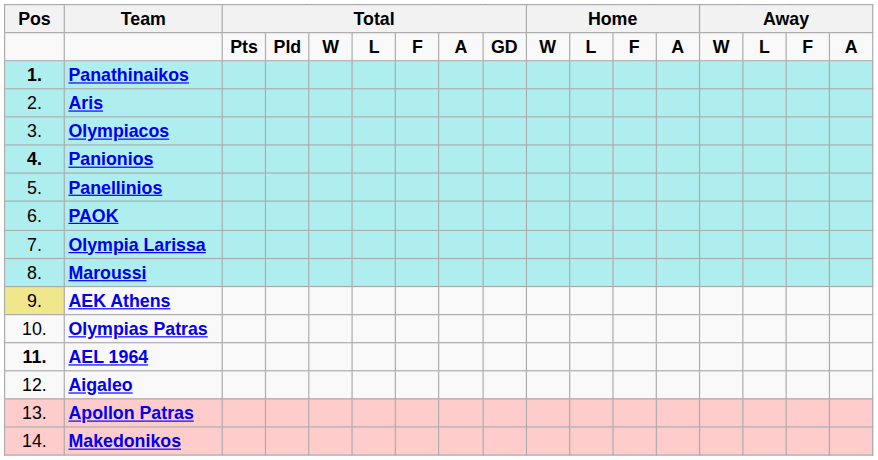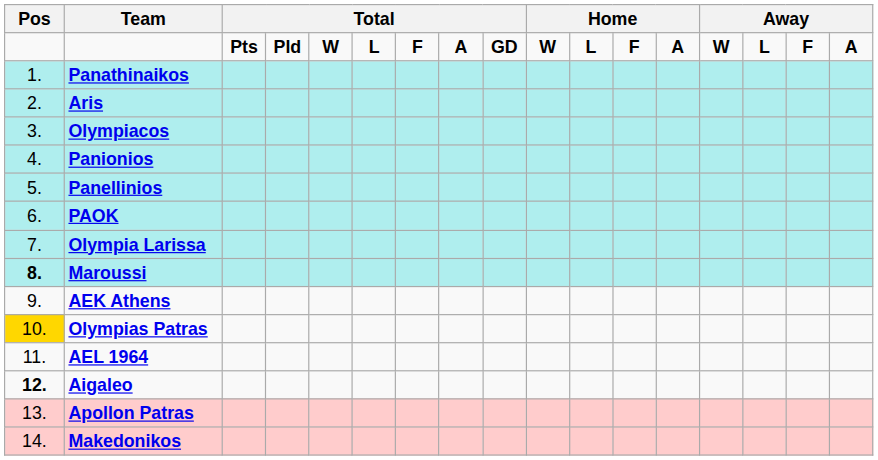 <table class="wikitable" style="text-align: center; font-size:95%">
 <tr>
 <th width="44">Pos</th>
 <th width="128">Team</th>
 <th colspan=7>Total</th>
 <th colspan=4>Home</th>
 <th colspan=4>Away</th>
 </tr>
 <tr>
 <td></td>
 <td></td>
 <td width="30"><strong>Pts</strong></td>
 <td width="30"><strong>Pld</strong></td>
 <td width="30"><strong>W</strong></td>
 <td width="30"><strong>L</strong></td>
 <td width="30"><strong>F</strong></td>
 <td width="30"><strong>A</strong></td>
 <td width="30"><strong>GD</strong></td>
 <td width="30"><strong>W</strong></td>
 <td width="30"><strong>L</strong></td>
 <td width="30"><strong>F</strong></td>
 <td width="30"><strong>A</strong></td>
 <td width="30"><strong>W</strong></td>
 <td width="30"><strong>L</strong></td>
 <td width="30"><strong>F</strong></td>
 <td width="30"><strong>A</strong></td>
 </tr>
 <tr bgcolor="afeeee">
-<td><strong>1.</strong></td>
+<td>1.</td>
 <td align="left"><strong><a href='#'>Panathinaikos</a></strong></td>
 <td></td>
 <td></td>
 <td></td>
 <td></td>
 <td></td>
 <td></td>
 <td></td>
 <td></td>
 <td></td>
 <td></td>
 <td></td>
 <td></td>
 <td></td>
 <td></td>
 <td></td>
 </tr>
 <tr bgcolor="afeeee">
 <td>2.</td>
 <td align="left"><strong><a href='#'>Aris</a></strong></td>
 <td></td>
 <td></td>
 <td></td>
 <td></td>
 <td></td>
 <td></td>
 <td></td>
 <td></td>
 <td></td>
 <td></td>
 <td></td>
 <td></td>
 <td></td>
 <td></td>
 <td></td>
 </tr>
 <tr bgcolor="afeeee">
 <td>3.</td>
 <td align="left"><strong><a href='#'>Olympiacos</a></strong></td>
 <td></td>
 <td></td>
 <td></td>
 <td></td>
 <td></td>
 <td></td>
 <td></td>
 <td></td>
 <td></td>
 <td></td>
 <td></td>
 <td></td>
 <td></td>
 <td></td>
 <td></td>
 </tr>
 <tr bgcolor="afeeee">
-<td><strong>4.</strong></td>
+<td>4.</td>
 <td align="left"><strong><a href='#'>Panionios</a></strong></td>
 <td></td>
 <td></td>
 <td></td>
 <td></td>
 <td></td>
 <td></td>
 <td></td>
 <td></td>
 <td></td>
 <td></td>
 <td></td>
 <td></td>
 <td></td>
 <td></td>
 <td></td>
 </tr>
 <tr bgcolor="afeeee">
 <td>5.</td>
 <td align="left"><strong><a href='#'>Panellinios</a></strong></td>
 <td></td>
 <td></td>
 <td></td>
 <td></td>
 <td></td>
 <td></td>
 <td></td>
 <td></td>
 <td></td>
 <td></td>
 <td></td>
 <td></td>
 <td></td>
 <td></td>
 <td></td>
 </tr>
 <tr bgcolor="afeeee">
 <td>6.</td>
 <td align="left"><strong><a href='#'>PAOK</a></strong></td>
 <td></td>
 <td></td>
 <td></td>
 <td></td>
 <td></td>
 <td></td>
 <td></td>
 <td></td>
 <td></td>
 <td></td>
 <td></td>
 <td></td>
 <td></td>
 <td></td>
 <td></td>
 </tr>
 <tr bgcolor="afeeee">
 <td>7.</td>
 <td align="left"><strong><a href='#'>Olympia Larissa</a></strong></td>
 <td></td>
 <td></td>
 <td></td>
 <td></td>
 <td></td>
 <td></td>
 <td></td>
 <td></td>
 <td></td>
 <td></td>
 <td></td>
 <td></td>
 <td></td>
 <td></td>
 <td></td>
 </tr>
 <tr bgcolor="afeeee">
-<td>8.</td>
+<td><strong>8.</strong></td>
 <td align="left"><strong><a href='#'>Maroussi</a></strong></td>
 <td></td>
 <td></td>
 <td></td>
 <td></td>
 <td></td>
 <td></td>
 <td></td>
 <td></td>
 <td></td>
 <td></td>
 <td></td>
 <td></td>
 <td></td>
 <td></td>
 <td></td>
 </tr>
 <tr>
-<td style="background: khaki;">9.</td>
+<td>9.</td>
 <td align="left"><strong><a href='#'>AEK Athens</a></strong></td>
 <td></td>
 <td></td>
 <td></td>
 <td></td>
 <td></td>
 <td></td>
 <td></td>
 <td></td>
 <td></td>
 <td></td>
 <td></td>
 <td></td>
 <td></td>
 <td></td>
 <td></td>
 </tr>
 <tr>
-<td>10.</td>
+<td style="background: gold;">10.</td>
 <td align="left"><strong><a href='#'>Olympias Patras</a></strong></td>
 <td></td>
 <td></td>
 <td></td>
 <td></td>
 <td></td>
 <td></td>
 <td></td>
 <td></td>
 <td></td>
 <td></td>
 <td></td>
 <td></td>
 <td></td>
 <td></td>
 <td></td>
 </tr>
 <tr>
-<td><strong>11.</strong></td>
+<td>11.</td>
 <td align="left"><strong><a href='#'>AEL 1964</a></strong></td>
 <td></td>
 <td></td>
 <td></td>
 <td></td>
 <td></td>
 <td></td>
 <td></td>
 <td></td>
 <td></td>
 <td></td>
 <td></td>
 <td></td>
 <td></td>
 <td></td>
 <td></td>
 </tr>
 <tr>
-<td>12.</td>
+<td><strong>12.</strong></td>
 <td align="left"><strong><a href='#'>Aigaleo</a></strong></td>
 <td></td>
 <td></td>
 <td></td>
 <td></td>
 <td></td>
 <td></td>
 <td></td>
 <td></td>
 <td></td>
 <td></td>
 <td></td>
 <td></td>
 <td></td>
 <td></td>
 <td></td>
 </tr>
 <tr bgcolor="#FFCCCC">
 <td>13.</td>
 <td align="left"><strong><a href='#'>Apollon Patras</a></strong></td>
 <td></td>
 <td></td>
 <td></td>
 <td></td>
 <td></td>
 <td></td>
 <td></td>
 <td></td>
 <td></td>
 <td></td>
 <td></td>
 <td></td>
 <td></td>
 <td></td>
 <td></td>
 </tr>
 <tr bgcolor="#FFCCCC">
 <td>14.</td>
 <td align="left"><strong><a href='#'>Makedonikos</a></strong></td>
 <td></td>
 <td></td>
 <td></td>
 <td></td>
 <td></td>
 <td></td>
 <td></td>
 <td></td>
 <td></td>
 <td></td>
 <td></td>
 <td></td>
 <td></td>
 <td></td>
 <td></td>
 </tr>
 </table>
